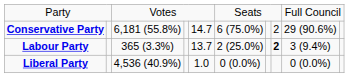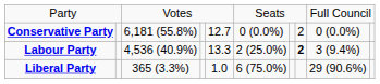 <table class=wikitable style="text-align:center;">
 <tr>
 <td colspan=2>Party</td>
 <td colspan=3>Votes</td>
 <td colspan=3>Seats</td>
 <td colspan=3>Full Council</td>
 </tr>
 <tr>
 <td><strong><a href='#'>Conservative Party</a></strong></td>
 <td style="background:"></td>
 <td>6,181 (55.8%)</td>
 <td></td>
-<td> 14.7</td>
-<td>6 (75.0%)</td>
+<td> 12.7</td>
+<td>0 (0.0%)</td>
 <td></td>
 <td> 2</td>
-<td>29 (90.6%)</td>
+<td>0 (0.0%)</td>
 <td></td>
 </tr>
 <tr>
 <td><strong><a href='#'>Labour Party</a></strong></td>
 <td style="background:"></td>
-<td>365 (3.3%)</td>
+<td>4,536 (40.9%)</td>
 <td></td>
-<td> 13.7</td>
+<td> 13.3</td>
 <td>2 (25.0%)</td>
 <td></td>
 <td><strong> 2</strong></td>
 <td>3 (9.4%)</td>
 <td></td>
 </tr>
 <tr>
 <td><strong><a href='#'>Liberal Party</a></strong></td>
 <td style="background:"></td>
-<td>4,536 (40.9%)</td>
+<td>365 (3.3%)</td>
 <td></td>
 <td> 1.0</td>
-<td>0 (0.0%)</td>
+<td>6 (75.0%)</td>
 <td></td>
 <td></td>
-<td>0 (0.0%)</td>
+<td>29 (90.6%)</td>
 <td></td>
 </tr>
 </table>
